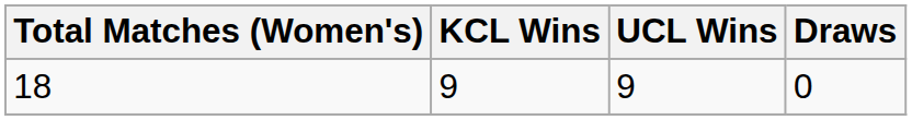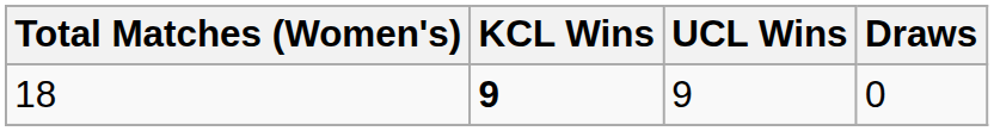 <table class="wikitable">
 <tr>
 <th>Total Matches (Women's)</th>
 <th>KCL Wins</th>
 <th>UCL Wins</th>
 <th>Draws</th>
 </tr>
 <tr>
 <td>18</td>
-<td>9</td>
+<td><strong>9</strong></td>
 <td>9</td>
 <td>0</td>
 </tr>
 <tr>
 </tr>
 </table>
